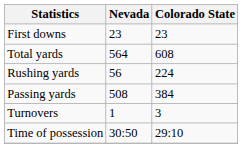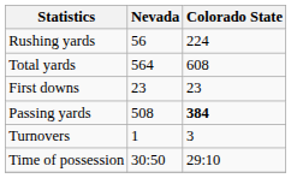 <table class="wikitable">
 <tr>
 <th>Statistics</th>
 <th>Nevada</th>
 <th>Colorado State</th>
 </tr>
 <tr>
-<td>First downs</td>
-<td>23</td>
-<td>23</td>
+<td>Rushing yards</td>
+<td>56</td>
+<td>224</td>
 </tr>
 <tr>
 <td>Total yards</td>
 <td>564</td>
 <td>608</td>
 </tr>
 <tr>
-<td>Rushing yards</td>
-<td>56</td>
-<td>224</td>
+<td>First downs</td>
+<td>23</td>
+<td>23</td>
 </tr>
 <tr>
 <td>Passing yards</td>
 <td>508</td>
-<td>384</td>
+<td><strong>384</strong></td>
 </tr>
 <tr>
 <td>Turnovers</td>
 <td>1</td>
 <td>3</td>
 </tr>
 <tr>
 <td>Time of possession</td>
 <td>30:50</td>
 <td>29:10</td>
 </tr>
 <tr>
 </tr>
 </table>
